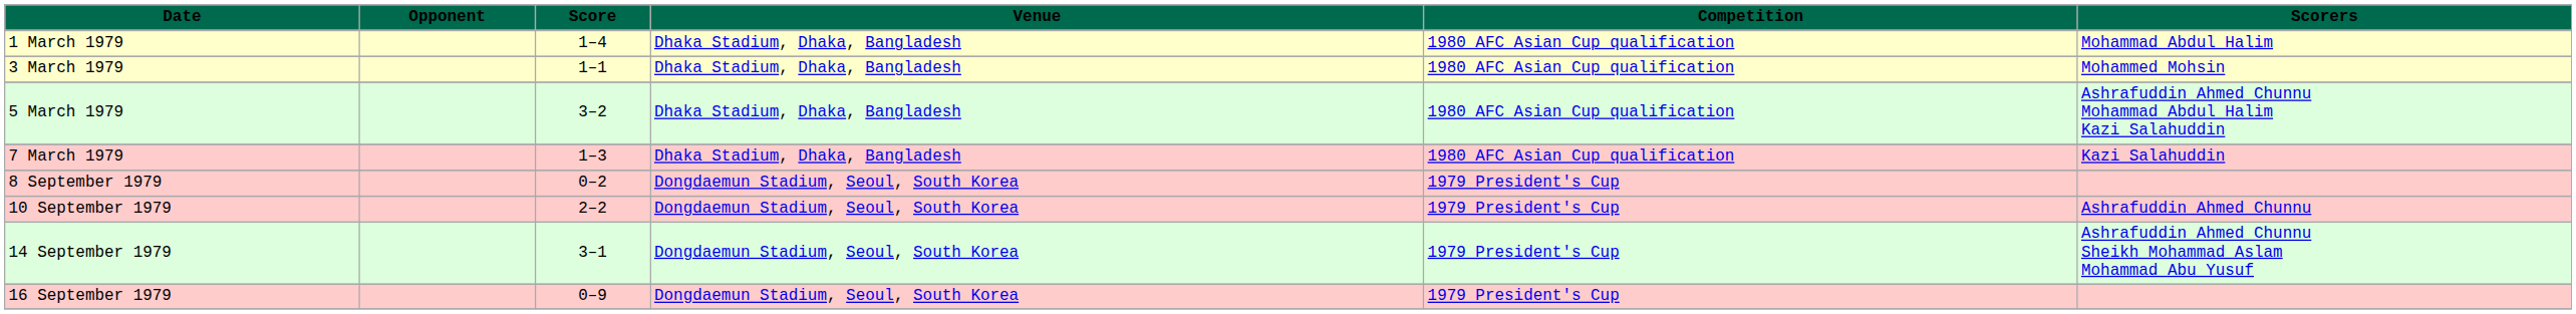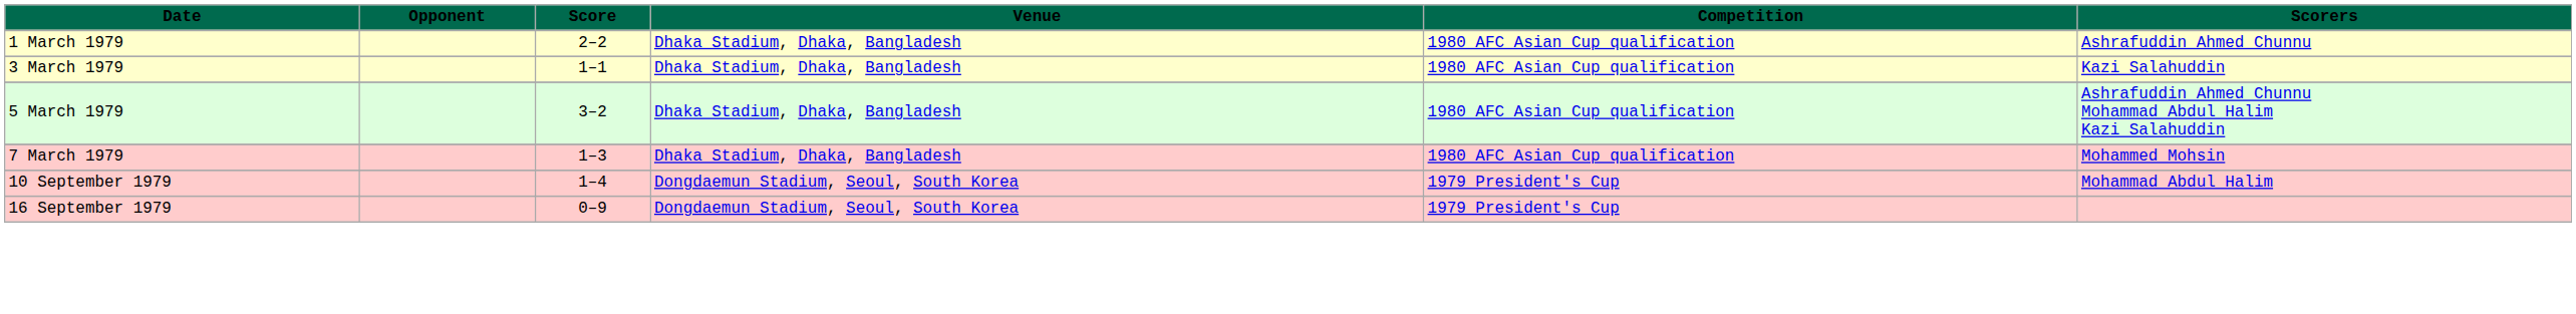 <table class="wikitable" width=100% style="text-align:left;font-size:95%;">
 <tr>
 <th style="background:#006a4e;"><span>Date</span></th>
 <th style="background:#006a4e;"><span>Opponent</span></th>
 <th style="background:#006a4e;"><span>Score</span></th>
 <th style="background:#006a4e;"><span>Venue</span></th>
 <th style="background:#006a4e;"><span>Competition</span></th>
 <th style="background:#006a4e;"><span>Scorers</span></th>
 </tr>
 <tr>
 </tr>
 <tr style="background:#ffc;">
 <td>1 March 1979</td>
 <td></td>
-<td style="text-align: center">1–4</td>
+<td style="text-align: center">2–2</td>
 <td> <a href='#'>Dhaka Stadium</a>, <a href='#'>Dhaka</a>, <a href='#'>Bangladesh</a></td>
 <td><a href='#'>1980 AFC Asian Cup qualification</a></td>
-<td><a href='#'>Mohammad Abdul Halim</a> </td>
+<td><a href='#'>Ashrafuddin Ahmed Chunnu</a> </td>
 </tr>
 <tr>
 </tr>
 <tr style="background:#ffc;">
 <td>3 March 1979</td>
 <td></td>
 <td style="text-align: center">1–1</td>
 <td> <a href='#'>Dhaka Stadium</a>, <a href='#'>Dhaka</a>, <a href='#'>Bangladesh</a></td>
 <td><a href='#'>1980 AFC Asian Cup qualification</a></td>
-<td><a href='#'>Mohammed Mohsin</a> </td>
+<td><a href='#'>Kazi Salahuddin</a> </td>
 </tr>
 <tr>
 </tr>
 <tr style="background:#dfd;">
 <td>5 March 1979</td>
 <td></td>
 <td style="text-align: center">3–2</td>
 <td> <a href='#'>Dhaka Stadium</a>, <a href='#'>Dhaka</a>, <a href='#'>Bangladesh</a></td>
 <td><a href='#'>1980 AFC Asian Cup qualification</a></td>
 <td><a href='#'>Ashrafuddin Ahmed Chunnu</a> <br><a href='#'>Mohammad Abdul Halim</a> <br> <a href='#'>Kazi Salahuddin</a> </td>
 </tr>
 <tr>
 </tr>
 <tr style="background:#fcc;">
 <td>7 March 1979</td>
 <td></td>
 <td style="text-align: center">1–3</td>
 <td> <a href='#'>Dhaka Stadium</a>, <a href='#'>Dhaka</a>, <a href='#'>Bangladesh</a></td>
 <td><a href='#'>1980 AFC Asian Cup qualification</a></td>
-<td><a href='#'>Kazi Salahuddin</a> </td>
+<td><a href='#'>Mohammed Mohsin</a> </td>
 </tr>
 <tr>
-</tr>
-<tr style="background:#fcc;">
-<td>8 September 1979</td>
-<td></td>
-<td style="text-align: center">0–2</td>
-<td> <a href='#'>Dongdaemun Stadium</a>, <a href='#'>Seoul</a>, <a href='#'>South Korea</a></td>
-<td><a href='#'>1979 President's Cup</a></td>
-<td></td>
 </tr>
 <tr>
 </tr>
 <tr style="background:#fcc;">
 <td>10 September 1979</td>
 <td></td>
-<td style="text-align: center">2–2</td>
+<td style="text-align: center">1–4</td>
 <td> <a href='#'>Dongdaemun Stadium</a>, <a href='#'>Seoul</a>, <a href='#'>South Korea</a></td>
 <td><a href='#'>1979 President's Cup</a></td>
-<td><a href='#'>Ashrafuddin Ahmed Chunnu</a> </td>
+<td><a href='#'>Mohammad Abdul Halim</a> </td>
 </tr>
 <tr>
-</tr>
-<tr style="background:#dfd;">
-<td>14 September 1979</td>
-<td></td>
-<td style="text-align: center">3–1</td>
-<td> <a href='#'>Dongdaemun Stadium</a>, <a href='#'>Seoul</a>, <a href='#'>South Korea</a></td>
-<td><a href='#'>1979 President's Cup</a></td>
-<td><a href='#'>Ashrafuddin Ahmed Chunnu</a> <br><a href='#'>Sheikh Mohammad Aslam</a> <br> <a href='#'>Mohammad Abu Yusuf</a> </td>
 </tr>
 <tr>
 </tr>
 <tr style="background:#fcc;">
 <td>16 September 1979</td>
 <td></td>
 <td style="text-align: center">0–9</td>
 <td> <a href='#'>Dongdaemun Stadium</a>, <a href='#'>Seoul</a>, <a href='#'>South Korea</a></td>
 <td><a href='#'>1979 President's Cup</a></td>
 <td></td>
 </tr>
 <tr>
 </tr>
 </table>
